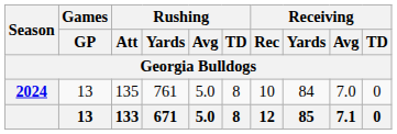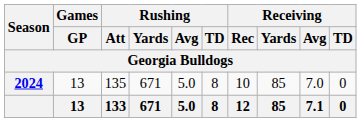 <table class="wikitable" style="text-align:center;">
 <tr>
 <th rowspan="2">Season</th>
 <th>Games</th>
 <th colspan="4">Rushing</th>
 <th colspan="4">Receiving</th>
 </tr>
 <tr>
 <th>GP</th>
 <th>Att</th>
 <th>Yards</th>
 <th>Avg</th>
 <th>TD</th>
 <th>Rec</th>
 <th>Yards</th>
 <th>Avg</th>
 <th>TD</th>
 </tr>
 <tr>
 <th colspan="12">Georgia Bulldogs</th>
 </tr>
 <tr>
 <th><a href='#'>2024</a></th>
 <td>13</td>
 <td>135</td>
-<td>761</td>
+<td>671</td>
 <td>5.0</td>
 <td>8</td>
 <td>10</td>
-<td>84</td>
+<td>85</td>
 <td>7.0</td>
 <td>0</td>
 </tr>
 <tr>
 <th></th>
 <th>13</th>
 <th>133</th>
 <th>671</th>
 <th>5.0</th>
 <th>8</th>
 <th>12</th>
 <th>85</th>
 <th>7.1</th>
 <th>0</th>
 </tr>
 </table>
